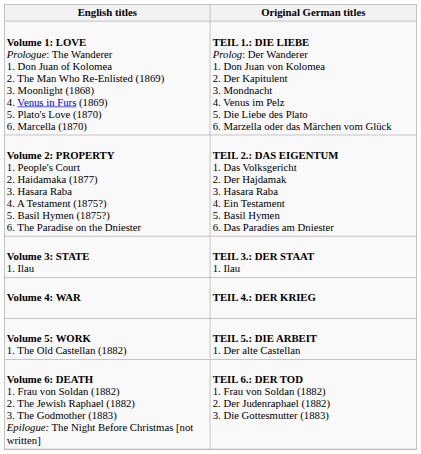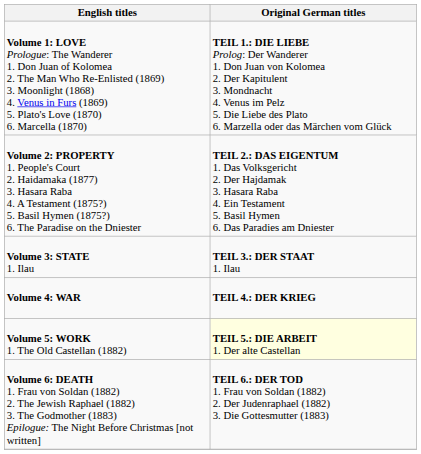 <table class="wikitable">
 <tr>
 <th>English titles</th>
 <th>Original German titles</th>
 </tr>
 <tr>
 <td align="left" valign="top" width="300"><br><strong>Volume 1: LOVE</strong> <br> <em>Prologue</em>: The Wanderer<br> 1. Don Juan of Kolomea<br> 2. The Man Who Re-Enlisted (1869)<br> 3. Moonlight (1868)<br> 4. <a href='#'>Venus in Furs</a> (1869)<br> 5. Plato's Love (1870)<br> 6. Marcella (1870)<br></td>
 <td align="left" valign="top" width="300"><br><strong>TEIL 1.: DIE LIEBE</strong><br> <em>Prolog</em>: Der Wanderer<br> 1. Don Juan von Kolomea<br> 2. Der Kapitulent <br> 3. Mondnacht <br> 4. Venus im Pelz <br> 5. Die Liebe des Plato<br> 6. Marzella oder das Märchen vom Glück<br></td>
 </tr>
 <tr>
 <td align="left" valign="top" width="300"><br><strong>Volume 2: PROPERTY</strong> <br> 1. People's Court<br> 2. Haidamaka (1877)<br> 3. Hasara Raba<br> 4. A Testament (1875?)<br> 5. Basil Hymen (1875?)<br> 6. The Paradise on the Dniester <br></td>
 <td align="left" valign="top" width="300"><br><strong>TEIL 2.: DAS EIGENTUM</strong><br> 1. Das Volksgericht<br> 2. Der Hajdamak <br> 3. Hasara Raba<br> 4. Ein Testament <br> 5. Basil Hymen <br> 6. Das Paradies am Dniester <br></td>
 </tr>
 <tr>
 <td align="left" valign="top" width="300"><br><strong>Volume 3: STATE</strong> <br> 1. Ilau<br></td>
 <td align="left" valign="top" width="300"><br><strong>TEIL 3.: DER STAAT</strong><br> 1. Ilau<br></td>
 </tr>
 <tr>
 <td align="left" valign="top" width="300"><br><strong>Volume 4: WAR</strong> <br> <br></td>
 <td align="left" valign="top" width="300"><br><strong>TEIL 4.: DER KRIEG</strong><br> <br></td>
 </tr>
 <tr>
 <td align="left" valign="top" width="300"><br><strong>Volume 5: WORK</strong> <br> 1. The Old Castellan (1882)<br></td>
-<td align="left" valign="top" width="300"><br><strong>TEIL 5.: DIE ARBEIT</strong><br> 1. Der alte Castellan <br></td>
+<td align="left" valign="top" width="300" style="background: lightyellow;"><br><strong>TEIL 5.: DIE ARBEIT</strong><br> 1. Der alte Castellan <br></td>
 </tr>
 <tr>
 <td align="left" valign="top" width="300"><br><strong>Volume 6: DEATH</strong> <br> 1. Frau von Soldan (1882)<br> 2. The Jewish Raphael (1882)<br> 3. The Godmother (1883)<br> <em>Epilogue:</em> The Night Before Christmas [not written]</td>
 <td align="left" valign="top" width="300"><br><strong>TEIL 6.: DER TOD</strong><br> 1. Frau von Soldan (1882)<br> 2. Der Judenraphael (1882)<br> 3. Die Gottesmutter (1883)</td>
 </tr>
 <tr>
 </tr>
 </table>
